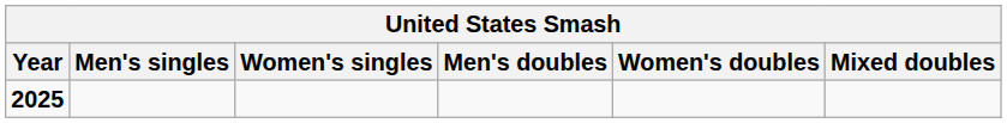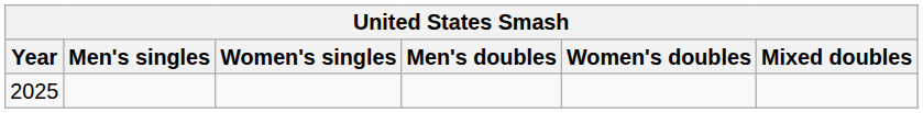 <table class="wikitable"style="font-size:95%">
 <tr>
 <th colspan="7">United States Smash</th>
 </tr>
 <tr>
 <th>Year</th>
 <th>Men's singles</th>
 <th>Women's singles</th>
 <th>Men's doubles</th>
 <th>Women's doubles</th>
 <th>Mixed doubles</th>
 </tr>
 <tr>
-<td><strong>2025</strong></td>
+<td>2025</td>
 <td></td>
 <td></td>
 <td></td>
 <td></td>
 <td></td>
 </tr>
 </table>
